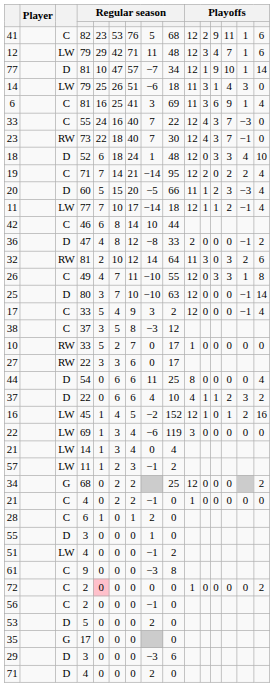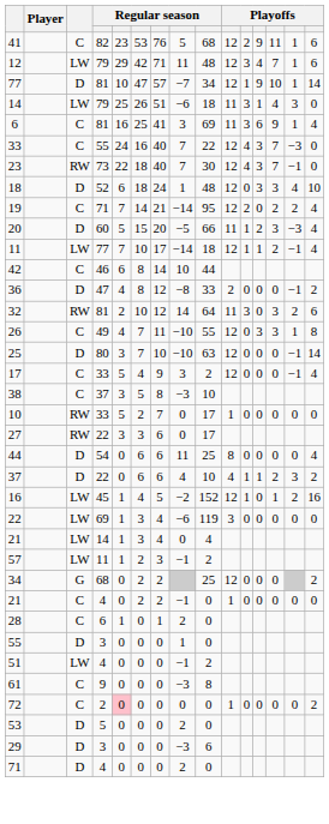 <table class="wikitable sortable plainrowheaders" style="text-align:center;">
 <tr>
 <th scope="col" data-sort-type="number" rowspan="2"></th>
 <th scope="col" rowspan="2">Player</th>
 <th scope="col" rowspan="2"></th>
 <th scope=colgroup colspan=6>Regular season</th>
 <th scope=colgroup colspan=6>Playoffs</th>
 </tr>
 <tr>
 <th scope="col" data-sort-type="number"></th>
 <th scope="col" data-sort-type="number"></th>
 <th scope="col" data-sort-type="number"></th>
 <th scope="col" data-sort-type="number"></th>
 <th scope="col" data-sort-type="number"></th>
 <th scope="col" data-sort-type="number"></th>
 <th scope="col" data-sort-type="number"></th>
 <th scope="col" data-sort-type="number"></th>
 <th scope="col" data-sort-type="number"></th>
 <th scope="col" data-sort-type="number"></th>
 <th scope="col" data-sort-type="number"></th>
 <th scope="col" data-sort-type="number"></th>
 </tr>
 <tr>
 <td scope="row">41</td>
 <td align="left"></td>
 <td>C</td>
 <td>82</td>
 <td>23</td>
 <td>53</td>
 <td>76</td>
 <td>5</td>
 <td>68</td>
 <td>12</td>
 <td>2</td>
 <td>9</td>
 <td>11</td>
 <td>1</td>
 <td>6</td>
 </tr>
 <tr>
 <td scope="row">12</td>
 <td align="left"></td>
 <td>LW</td>
 <td>79</td>
 <td>29</td>
 <td>42</td>
 <td>71</td>
 <td>11</td>
 <td>48</td>
 <td>12</td>
 <td>3</td>
 <td>4</td>
 <td>7</td>
 <td>1</td>
 <td>6</td>
 </tr>
 <tr>
 <td scope="row">77</td>
 <td align="left"></td>
 <td>D</td>
 <td>81</td>
 <td>10</td>
 <td>47</td>
 <td>57</td>
 <td>−7</td>
 <td>34</td>
 <td>12</td>
 <td>1</td>
 <td>9</td>
 <td>10</td>
 <td>1</td>
 <td>14</td>
 </tr>
 <tr>
 <td scope="row">14</td>
 <td align="left"></td>
 <td>LW</td>
 <td>79</td>
 <td>25</td>
 <td>26</td>
 <td>51</td>
 <td>−6</td>
 <td>18</td>
 <td>11</td>
 <td>3</td>
 <td>1</td>
 <td>4</td>
 <td>3</td>
 <td>0</td>
 </tr>
 <tr>
 <td scope="row">6</td>
 <td align="left"></td>
 <td>C</td>
 <td>81</td>
 <td>16</td>
 <td>25</td>
 <td>41</td>
 <td>3</td>
 <td>69</td>
 <td>11</td>
 <td>3</td>
 <td>6</td>
 <td>9</td>
 <td>1</td>
 <td>4</td>
 </tr>
 <tr>
 <td scope="row">33</td>
 <td align="left"></td>
 <td>C</td>
 <td>55</td>
 <td>24</td>
 <td>16</td>
 <td>40</td>
 <td>7</td>
 <td>22</td>
 <td>12</td>
 <td>4</td>
 <td>3</td>
 <td>7</td>
 <td>−3</td>
 <td>0</td>
 </tr>
 <tr>
 <td scope="row">23</td>
 <td align="left"></td>
 <td>RW</td>
 <td>73</td>
 <td>22</td>
 <td>18</td>
 <td>40</td>
 <td>7</td>
 <td>30</td>
 <td>12</td>
 <td>4</td>
 <td>3</td>
 <td>7</td>
 <td>−1</td>
 <td>0</td>
 </tr>
 <tr>
 <td scope="row">18</td>
 <td align="left"></td>
 <td>D</td>
 <td>52</td>
 <td>6</td>
 <td>18</td>
 <td>24</td>
 <td>1</td>
 <td>48</td>
 <td>12</td>
 <td>0</td>
 <td>3</td>
 <td>3</td>
 <td>4</td>
 <td>10</td>
 </tr>
 <tr>
 <td scope="row">19</td>
 <td align="left"></td>
 <td>C</td>
 <td>71</td>
 <td>7</td>
 <td>14</td>
 <td>21</td>
 <td>−14</td>
 <td>95</td>
 <td>12</td>
 <td>2</td>
 <td>0</td>
 <td>2</td>
 <td>2</td>
 <td>4</td>
 </tr>
 <tr>
 <td scope="row">20</td>
 <td align="left"></td>
 <td>D</td>
 <td>60</td>
 <td>5</td>
 <td>15</td>
 <td>20</td>
 <td>−5</td>
 <td>66</td>
 <td>11</td>
 <td>1</td>
 <td>2</td>
 <td>3</td>
 <td>−3</td>
 <td>4</td>
 </tr>
 <tr>
 <td scope="row">11</td>
 <td align="left"></td>
 <td>LW</td>
 <td>77</td>
 <td>7</td>
 <td>10</td>
 <td>17</td>
 <td>−14</td>
 <td>18</td>
 <td>12</td>
 <td>1</td>
 <td>1</td>
 <td>2</td>
 <td>−1</td>
 <td>4</td>
 </tr>
 <tr>
 <td scope="row">42</td>
 <td align="left"></td>
 <td>C</td>
 <td>46</td>
 <td>6</td>
 <td>8</td>
 <td>14</td>
 <td>10</td>
 <td>44</td>
 <td></td>
 <td></td>
 <td></td>
 <td></td>
 <td></td>
 <td></td>
 </tr>
 <tr>
 <td scope="row">36</td>
 <td align="left"></td>
 <td>D</td>
 <td>47</td>
 <td>4</td>
 <td>8</td>
 <td>12</td>
 <td>−8</td>
 <td>33</td>
 <td>2</td>
 <td>0</td>
 <td>0</td>
 <td>0</td>
 <td>−1</td>
 <td>2</td>
 </tr>
 <tr>
 <td scope="row">32</td>
 <td align="left"></td>
 <td>RW</td>
 <td>81</td>
 <td>2</td>
 <td>10</td>
 <td>12</td>
 <td>14</td>
 <td>64</td>
 <td>11</td>
 <td>3</td>
 <td>0</td>
 <td>3</td>
 <td>2</td>
 <td>6</td>
 </tr>
 <tr>
 <td scope="row">26</td>
 <td align="left"></td>
 <td>C</td>
 <td>49</td>
 <td>4</td>
 <td>7</td>
 <td>11</td>
 <td>−10</td>
 <td>55</td>
 <td>12</td>
 <td>0</td>
 <td>3</td>
 <td>3</td>
 <td>1</td>
 <td>8</td>
 </tr>
 <tr>
 <td scope="row">25</td>
 <td align="left"></td>
 <td>D</td>
 <td>80</td>
 <td>3</td>
 <td>7</td>
 <td>10</td>
 <td>−10</td>
 <td>63</td>
 <td>12</td>
 <td>0</td>
 <td>0</td>
 <td>0</td>
 <td>−1</td>
 <td>14</td>
 </tr>
 <tr>
 <td scope="row">17</td>
 <td align="left"></td>
 <td>C</td>
 <td>33</td>
 <td>5</td>
 <td>4</td>
 <td>9</td>
 <td>3</td>
 <td>2</td>
 <td>12</td>
 <td>0</td>
 <td>0</td>
 <td>0</td>
 <td>−1</td>
 <td>4</td>
 </tr>
 <tr>
 <td scope="row">38</td>
 <td align="left"></td>
 <td>C</td>
 <td>37</td>
 <td>3</td>
 <td>5</td>
 <td>8</td>
 <td>−3</td>
-<td>12</td>
+<td>10</td>
 <td></td>
 <td></td>
 <td></td>
 <td></td>
 <td></td>
 <td></td>
 </tr>
 <tr>
 <td scope="row">10</td>
 <td align="left"></td>
 <td>RW</td>
 <td>33</td>
 <td>5</td>
 <td>2</td>
 <td>7</td>
 <td>0</td>
 <td>17</td>
 <td>1</td>
 <td>0</td>
 <td>0</td>
 <td>0</td>
 <td>0</td>
 <td>0</td>
 </tr>
 <tr>
 <td scope="row">27</td>
 <td align="left"></td>
 <td>RW</td>
 <td>22</td>
 <td>3</td>
 <td>3</td>
 <td>6</td>
 <td>0</td>
 <td>17</td>
 <td></td>
 <td></td>
 <td></td>
 <td></td>
 <td></td>
 <td></td>
 </tr>
 <tr>
 <td scope="row">44</td>
 <td align="left"></td>
 <td>D</td>
 <td>54</td>
 <td>0</td>
 <td>6</td>
 <td>6</td>
 <td>11</td>
 <td>25</td>
 <td>8</td>
 <td>0</td>
 <td>0</td>
 <td>0</td>
 <td>0</td>
 <td>4</td>
 </tr>
 <tr>
 <td scope="row">37</td>
 <td align="left"></td>
 <td>D</td>
 <td>22</td>
 <td>0</td>
 <td>6</td>
 <td>6</td>
 <td>4</td>
 <td>10</td>
 <td>4</td>
 <td>1</td>
 <td>1</td>
 <td>2</td>
 <td>3</td>
 <td>2</td>
 </tr>
 <tr>
 <td scope="row">16</td>
 <td align="left"></td>
 <td>LW</td>
 <td>45</td>
 <td>1</td>
 <td>4</td>
 <td>5</td>
 <td>−2</td>
 <td>152</td>
 <td>12</td>
 <td>1</td>
 <td>0</td>
 <td>1</td>
 <td>2</td>
 <td>16</td>
 </tr>
 <tr>
 <td scope="row">22</td>
 <td align="left"></td>
 <td>LW</td>
 <td>69</td>
 <td>1</td>
 <td>3</td>
 <td>4</td>
 <td>−6</td>
 <td>119</td>
 <td>3</td>
 <td>0</td>
 <td>0</td>
 <td>0</td>
 <td>0</td>
 <td>0</td>
 </tr>
 <tr>
 <td scope="row">21</td>
 <td align="left"></td>
 <td>LW</td>
 <td>14</td>
 <td>1</td>
 <td>3</td>
 <td>4</td>
 <td>0</td>
 <td>4</td>
 <td></td>
 <td></td>
 <td></td>
 <td></td>
 <td></td>
 <td></td>
 </tr>
 <tr>
 <td scope="row">57</td>
 <td align="left"></td>
 <td>LW</td>
 <td>11</td>
 <td>1</td>
 <td>2</td>
 <td>3</td>
 <td>−1</td>
 <td>2</td>
 <td></td>
 <td></td>
 <td></td>
 <td></td>
 <td></td>
 <td></td>
 </tr>
 <tr>
 <td scope="row">34</td>
 <td align="left"></td>
 <td>G</td>
 <td>68</td>
 <td>0</td>
 <td>2</td>
 <td>2</td>
 <td style="background:#ccc"></td>
 <td>25</td>
 <td>12</td>
 <td>0</td>
 <td>0</td>
 <td>0</td>
 <td style="background:#ccc"></td>
 <td>2</td>
 </tr>
 <tr>
 <td scope="row">21</td>
 <td align="left"></td>
 <td>C</td>
 <td>4</td>
 <td>0</td>
 <td>2</td>
 <td>2</td>
 <td>−1</td>
 <td>0</td>
 <td>1</td>
 <td>0</td>
 <td>0</td>
 <td>0</td>
 <td>0</td>
 <td>0</td>
 </tr>
 <tr>
 <td scope="row">28</td>
 <td align="left"></td>
 <td>C</td>
 <td>6</td>
 <td>1</td>
 <td>0</td>
 <td>1</td>
 <td>2</td>
 <td>0</td>
 <td></td>
 <td></td>
 <td></td>
 <td></td>
 <td></td>
 <td></td>
 </tr>
 <tr>
 <td scope="row">55</td>
 <td align="left"></td>
 <td>D</td>
 <td>3</td>
 <td>0</td>
 <td>0</td>
 <td>0</td>
 <td>1</td>
 <td>0</td>
 <td></td>
 <td></td>
 <td></td>
 <td></td>
 <td></td>
 <td></td>
 </tr>
 <tr>
 <td scope="row">51</td>
 <td align="left"></td>
 <td>LW</td>
 <td>4</td>
 <td>0</td>
 <td>0</td>
 <td>0</td>
 <td>−1</td>
 <td>2</td>
 <td></td>
 <td></td>
 <td></td>
 <td></td>
 <td></td>
 <td></td>
 </tr>
 <tr>
 <td scope="row">61</td>
 <td align="left"></td>
 <td>C</td>
 <td>9</td>
 <td>0</td>
 <td>0</td>
 <td>0</td>
 <td>−3</td>
 <td>8</td>
 <td></td>
 <td></td>
 <td></td>
 <td></td>
 <td></td>
 <td></td>
 </tr>
 <tr>
 <td scope="row">72</td>
 <td align="left"></td>
 <td>C</td>
 <td>2</td>
 <td style="background: pink;">0</td>
 <td>0</td>
 <td>0</td>
 <td>0</td>
 <td>0</td>
 <td>1</td>
 <td>0</td>
 <td>0</td>
 <td>0</td>
 <td>0</td>
 <td>2</td>
 </tr>
 <tr>
-<td scope="row">56</td>
-<td align="left"></td>
-<td>C</td>
-<td>2</td>
-<td>0</td>
-<td>0</td>
-<td>0</td>
-<td>−1</td>
-<td>0</td>
-<td></td>
-<td></td>
-<td></td>
-<td></td>
-<td></td>
-<td></td>
-</tr>
-<tr>
 <td scope="row">53</td>
 <td align="left"></td>
 <td>D</td>
 <td>5</td>
 <td>0</td>
 <td>0</td>
 <td>0</td>
 <td>2</td>
-<td>0</td>
-<td></td>
-<td></td>
-<td></td>
-<td></td>
-<td></td>
-<td></td>
-</tr>
-<tr>
-<td scope="row">35</td>
-<td align="left"></td>
-<td>G</td>
-<td>17</td>
-<td>0</td>
-<td>0</td>
-<td>0</td>
-<td style="background:#ccc"></td>
 <td>0</td>
 <td></td>
 <td></td>
 <td></td>
 <td></td>
 <td></td>
 <td></td>
 </tr>
 <tr>
 <td scope="row">29</td>
 <td align="left"></td>
 <td>D</td>
 <td>3</td>
 <td>0</td>
 <td>0</td>
 <td>0</td>
 <td>−3</td>
 <td>6</td>
 <td></td>
 <td></td>
 <td></td>
 <td></td>
 <td></td>
 <td></td>
 </tr>
 <tr>
 <td scope="row">71</td>
 <td align="left"></td>
 <td>D</td>
 <td>4</td>
 <td>0</td>
 <td>0</td>
 <td>0</td>
 <td>2</td>
 <td>0</td>
 <td></td>
 <td></td>
 <td></td>
 <td></td>
 <td></td>
 <td></td>
 </tr>
 </table>
